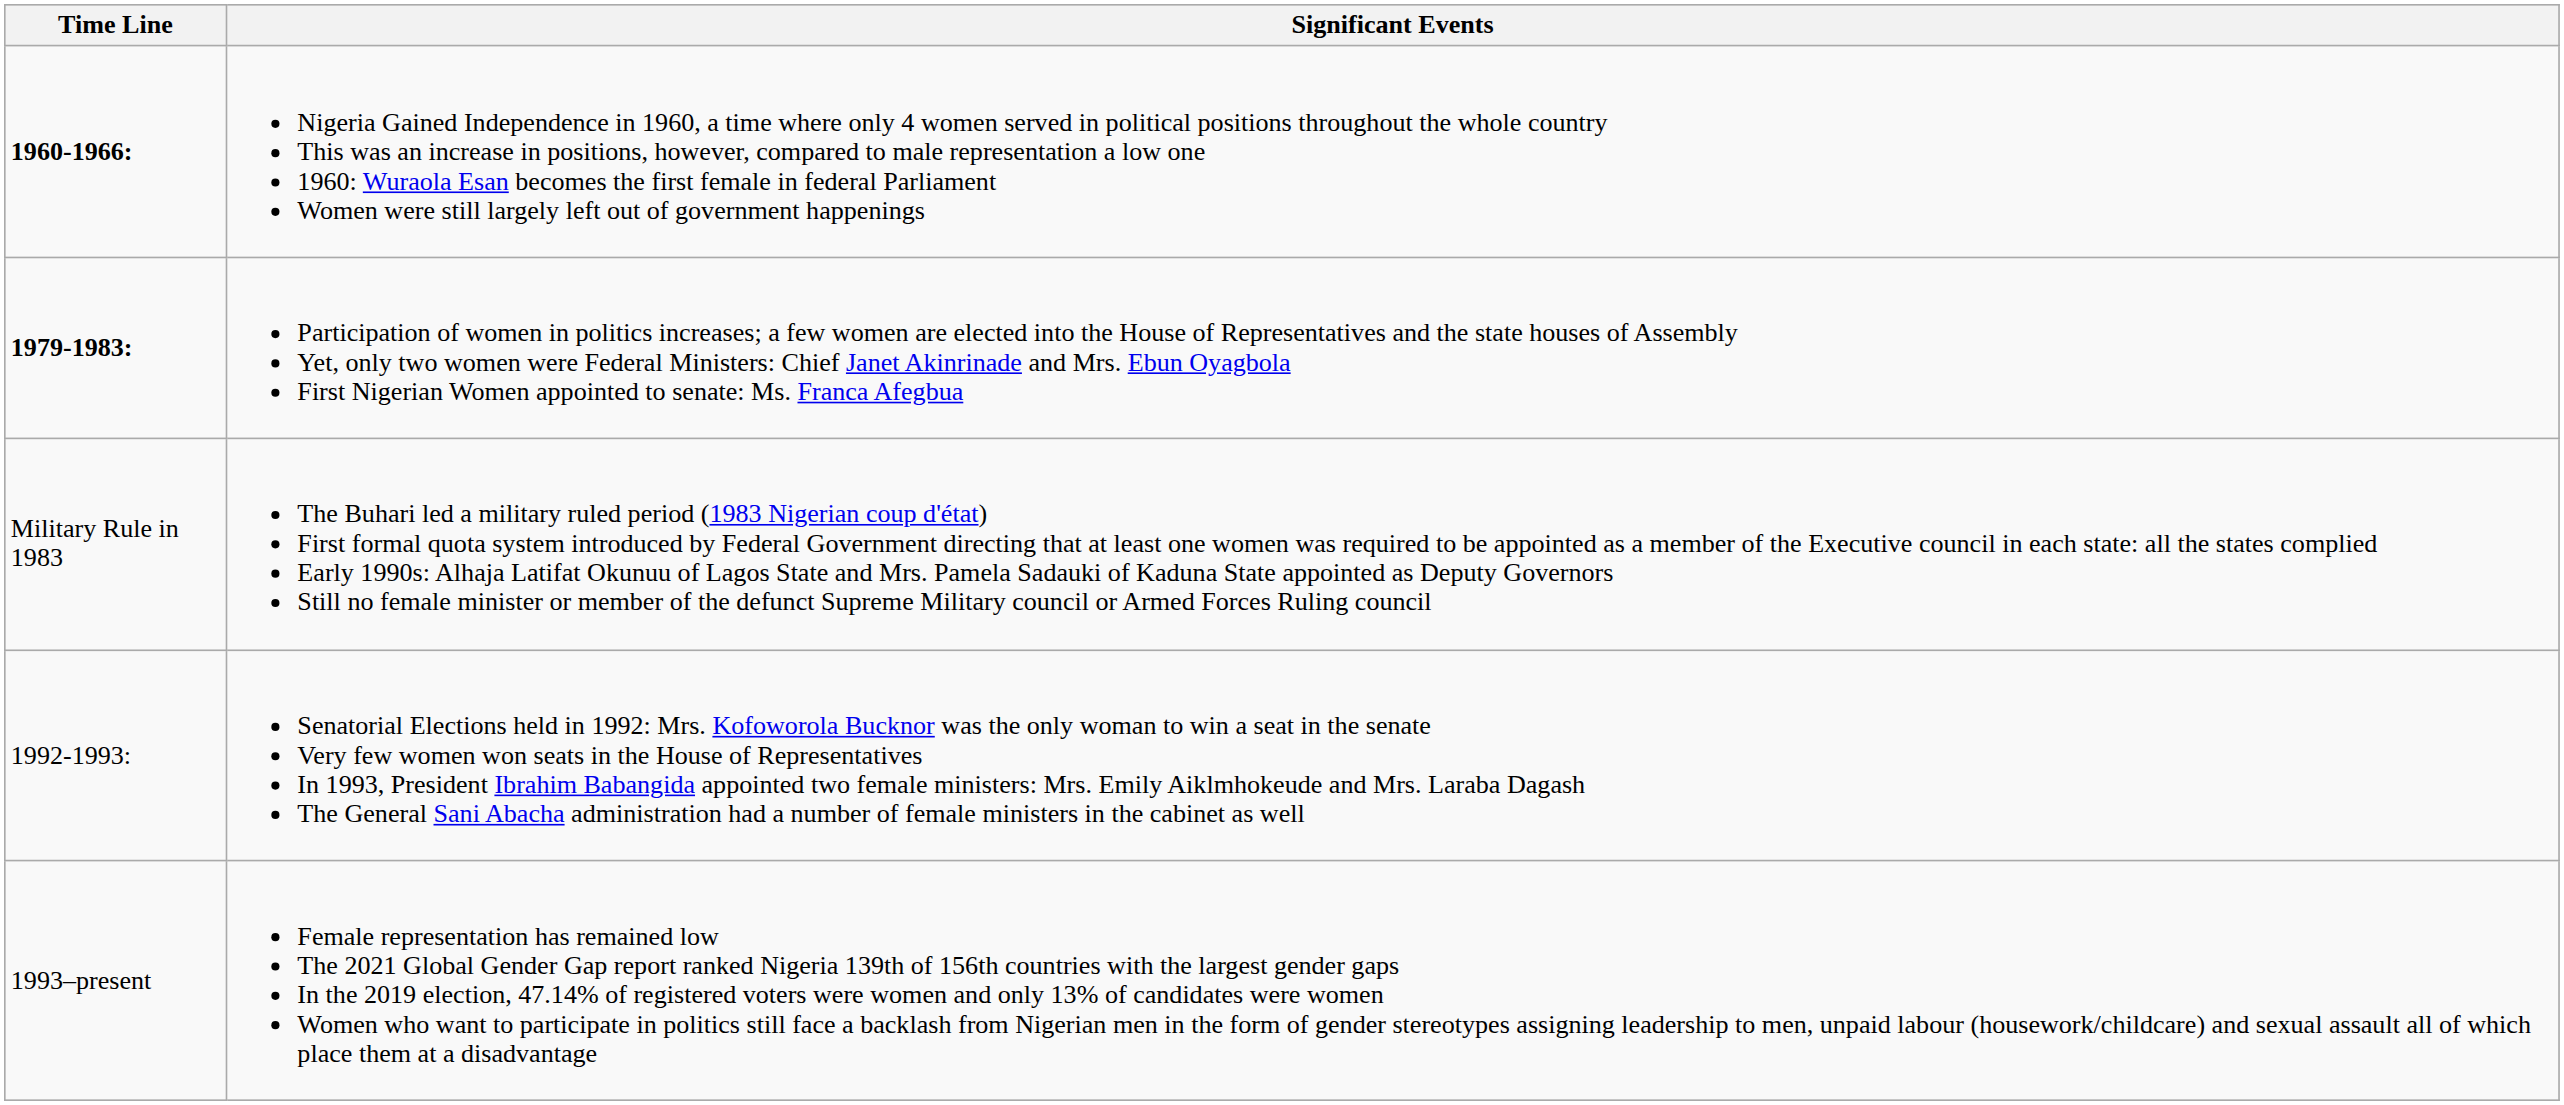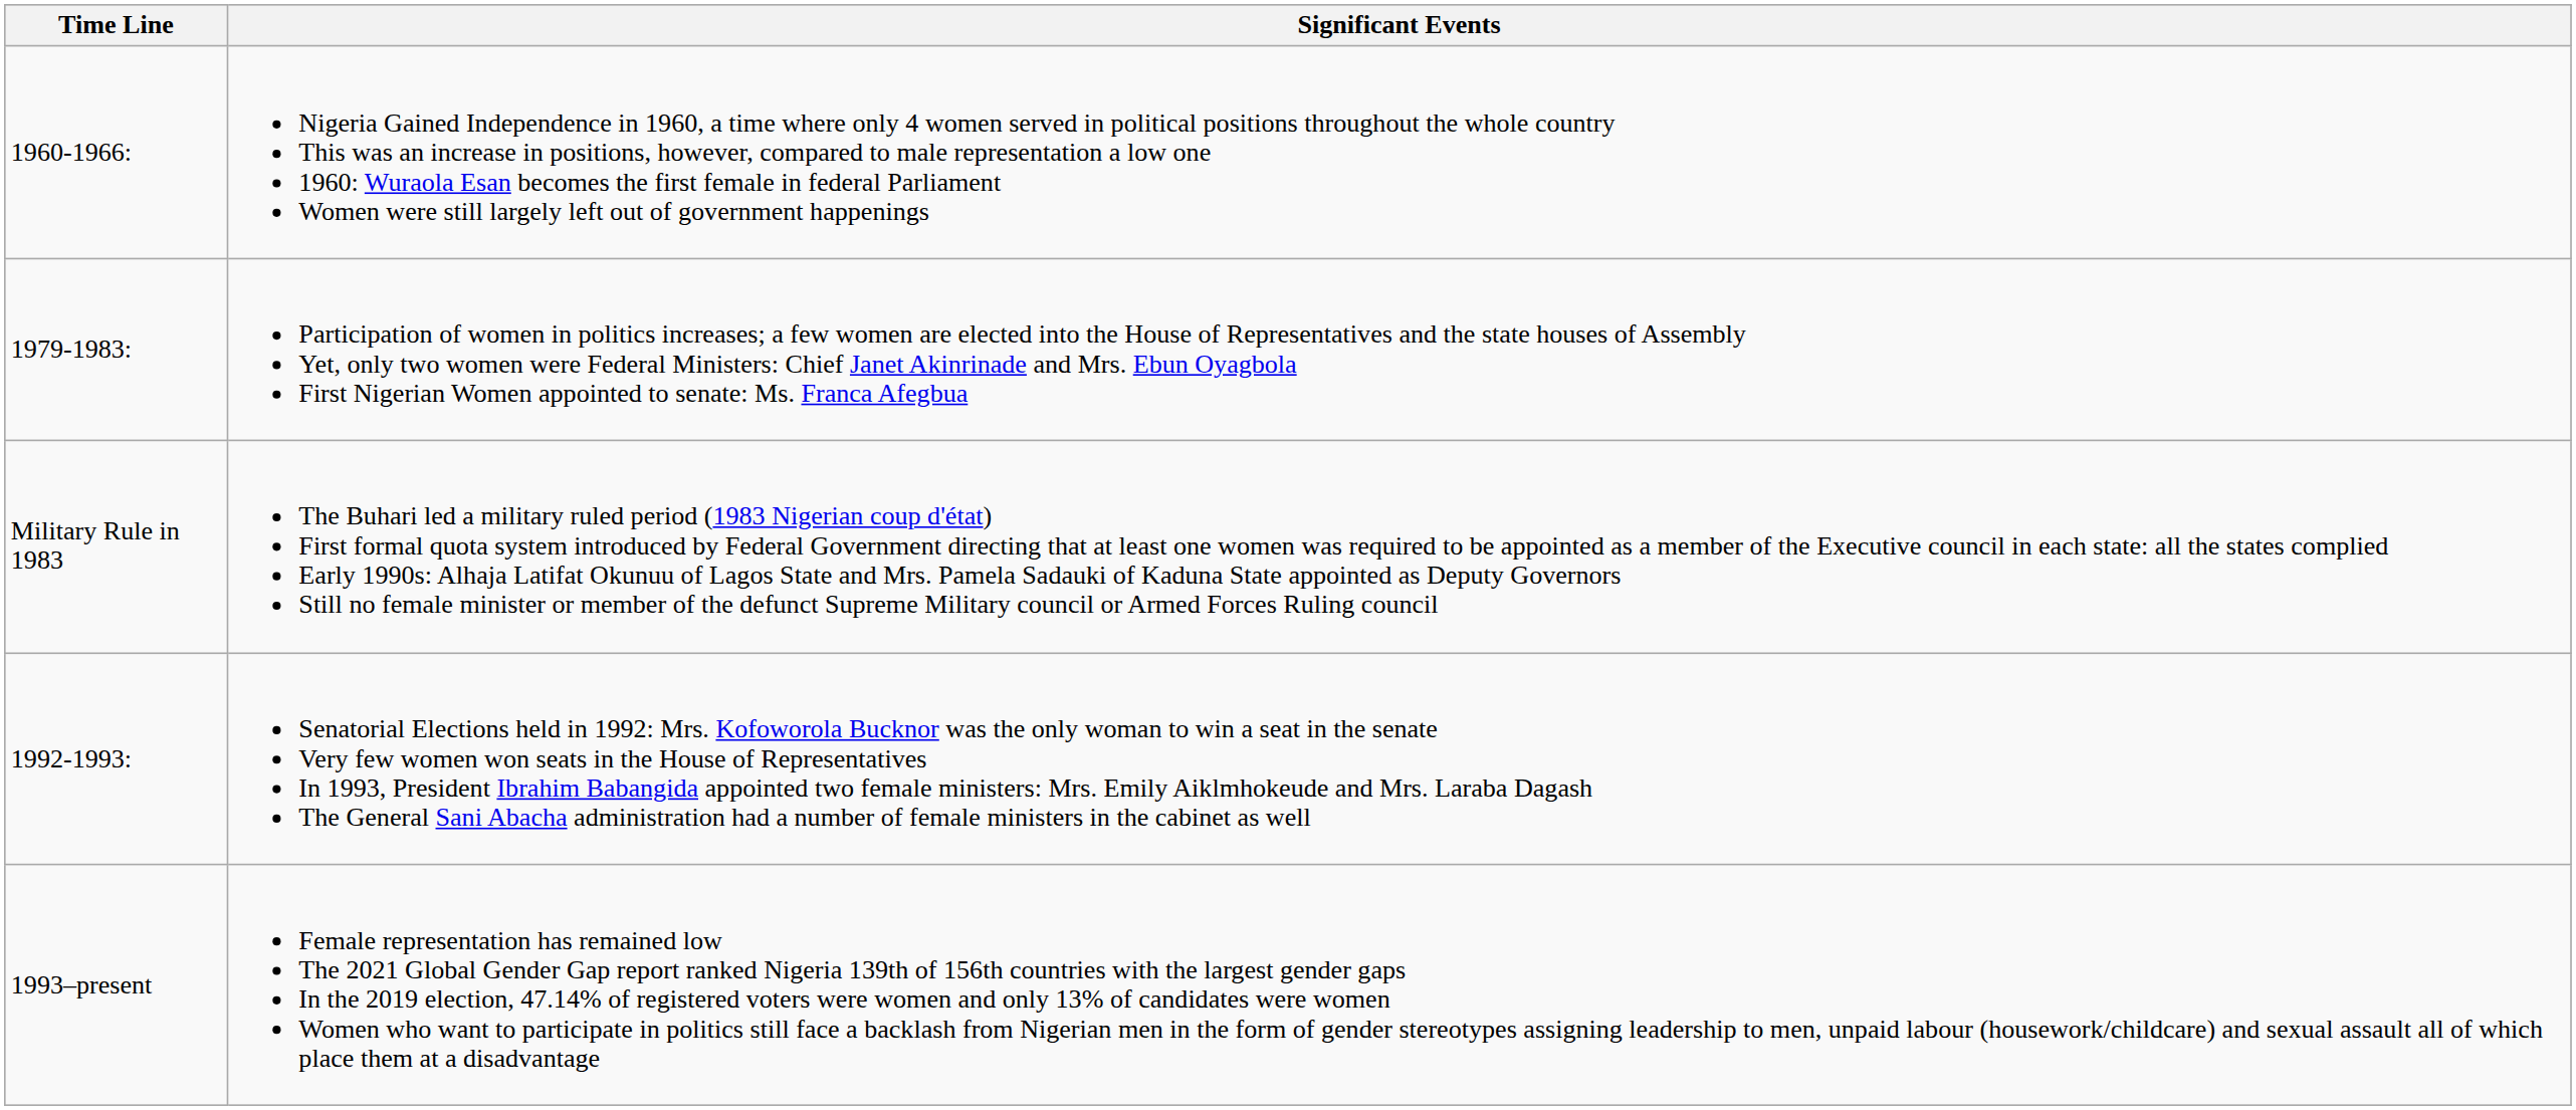 <table class="wikitable">
 <tr>
 <th>Time Line</th>
 <th>Significant Events</th>
 </tr>
 <tr>
-<td><strong>1960-1966: </strong></td>
+<td>1960-1966: </td>
 <td><br><ul><li>Nigeria Gained Independence in 1960, a time where only 4 women served in political positions throughout the whole country</li><li>This was an increase in positions, however, compared to male representation a low one</li><li>1960: <a href='#'>Wuraola Esan</a> becomes the first female in federal Parliament</li><li>Women were still largely left out of government happenings</li></ul></td>
 </tr>
 <tr>
-<td><strong>1979-1983: </strong></td>
+<td>1979-1983: </td>
 <td><br><ul><li>Participation of women in politics increases; a few women are elected into the House of Representatives and the state houses of Assembly</li><li>Yet, only two women were Federal Ministers: Chief <a href='#'>Janet Akinrinade</a> and Mrs. <a href='#'>Ebun Oyagbola</a></li><li>First Nigerian Women appointed to senate: Ms. <a href='#'>Franca Afegbua</a></li></ul></td>
 </tr>
 <tr>
 <td>Military Rule in 1983</td>
 <td><br><ul><li>The Buhari led a military ruled period (<a href='#'>1983 Nigerian coup d'état</a>)</li><li>First formal quota system introduced by Federal Government directing that at least one women was required to be appointed as a member of the Executive council in each state: all the states complied</li><li>Early 1990s: Alhaja Latifat Okunuu of Lagos State and Mrs. Pamela Sadauki of Kaduna State appointed as Deputy Governors</li><li>Still no female minister or member of the defunct Supreme Military council or Armed Forces Ruling council</li></ul></td>
 </tr>
 <tr>
 <td>1992-1993: </td>
 <td><br><ul><li>Senatorial Elections held in 1992: Mrs. <a href='#'>Kofoworola Bucknor</a> was the only woman to win a seat in the senate</li><li>Very few women won seats in the House of Representatives</li><li>In 1993, President <a href='#'>Ibrahim Babangida</a> appointed two female ministers: Mrs. Emily Aiklmhokeude and Mrs. Laraba Dagash</li><li>The General <a href='#'>Sani Abacha</a> administration had a number of female ministers in the cabinet as well</li></ul></td>
 </tr>
 <tr>
 <td>1993–present</td>
 <td><br><ul><li>Female representation has remained low</li><li>The 2021 Global Gender Gap report ranked Nigeria 139th of 156th countries with the largest gender gaps</li><li>In the 2019 election, 47.14% of registered voters were women and only 13% of candidates were women</li><li>Women who want to participate in politics still face a backlash from Nigerian men in the form of gender stereotypes assigning leadership to men, unpaid labour (housework/childcare) and sexual assault all of which place them at a disadvantage</li></ul></td>
 </tr>
 </table>
